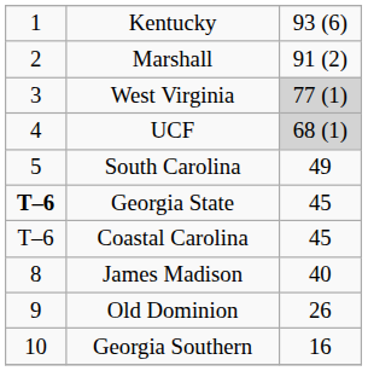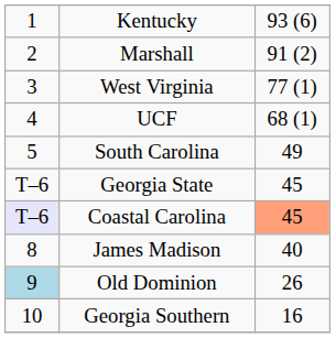 <table class="wikitable" style="width: 20%;text-align: center;">
 <tr align="center">
 </tr>
 <tr align="center">
 <td>1</td>
 <td>Kentucky</td>
 <td>93 (6)</td>
 </tr>
 <tr>
 <td>2</td>
 <td>Marshall</td>
 <td>91 (2)</td>
 </tr>
 <tr>
 <td>3</td>
 <td>West Virginia</td>
-<td style="background: lightgrey;">77 (1)</td>
+<td>77 (1)</td>
 </tr>
 <tr>
 <td>4</td>
 <td>UCF</td>
-<td style="background: lightgrey;">68 (1)</td>
+<td>68 (1)</td>
 </tr>
 <tr>
 <td>5</td>
 <td>South Carolina</td>
 <td>49</td>
 </tr>
 <tr>
-<td><strong>T–6</strong></td>
+<td>T–6</td>
 <td>Georgia State</td>
 <td>45</td>
 </tr>
 <tr>
-<td>T–6</td>
+<td style="background: lavender;">T–6</td>
 <td>Coastal Carolina</td>
-<td>45</td>
+<td style="background: lightsalmon;">45</td>
 </tr>
 <tr>
 <td>8</td>
 <td>James Madison</td>
 <td>40</td>
 </tr>
 <tr>
-<td>9</td>
+<td style="background: lightblue;">9</td>
 <td>Old Dominion</td>
 <td>26</td>
 </tr>
 <tr>
 <td>10</td>
 <td>Georgia Southern</td>
 <td>16</td>
 </tr>
 <tr>
 </tr>
 </table>
